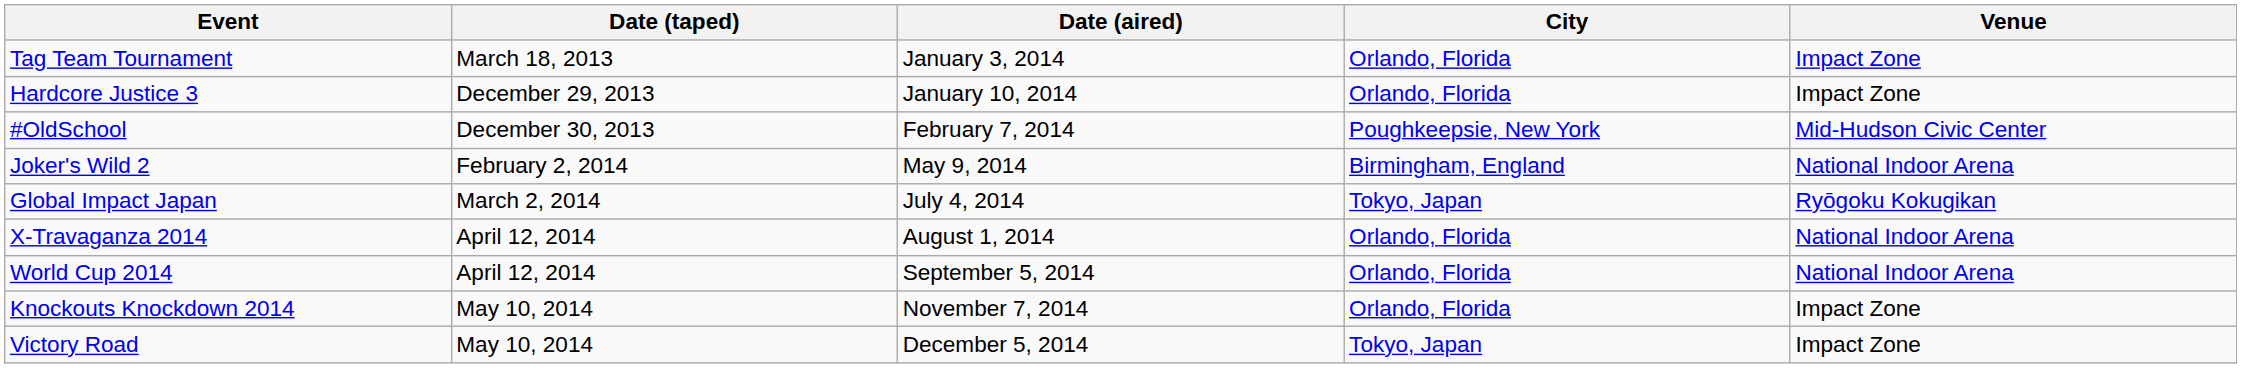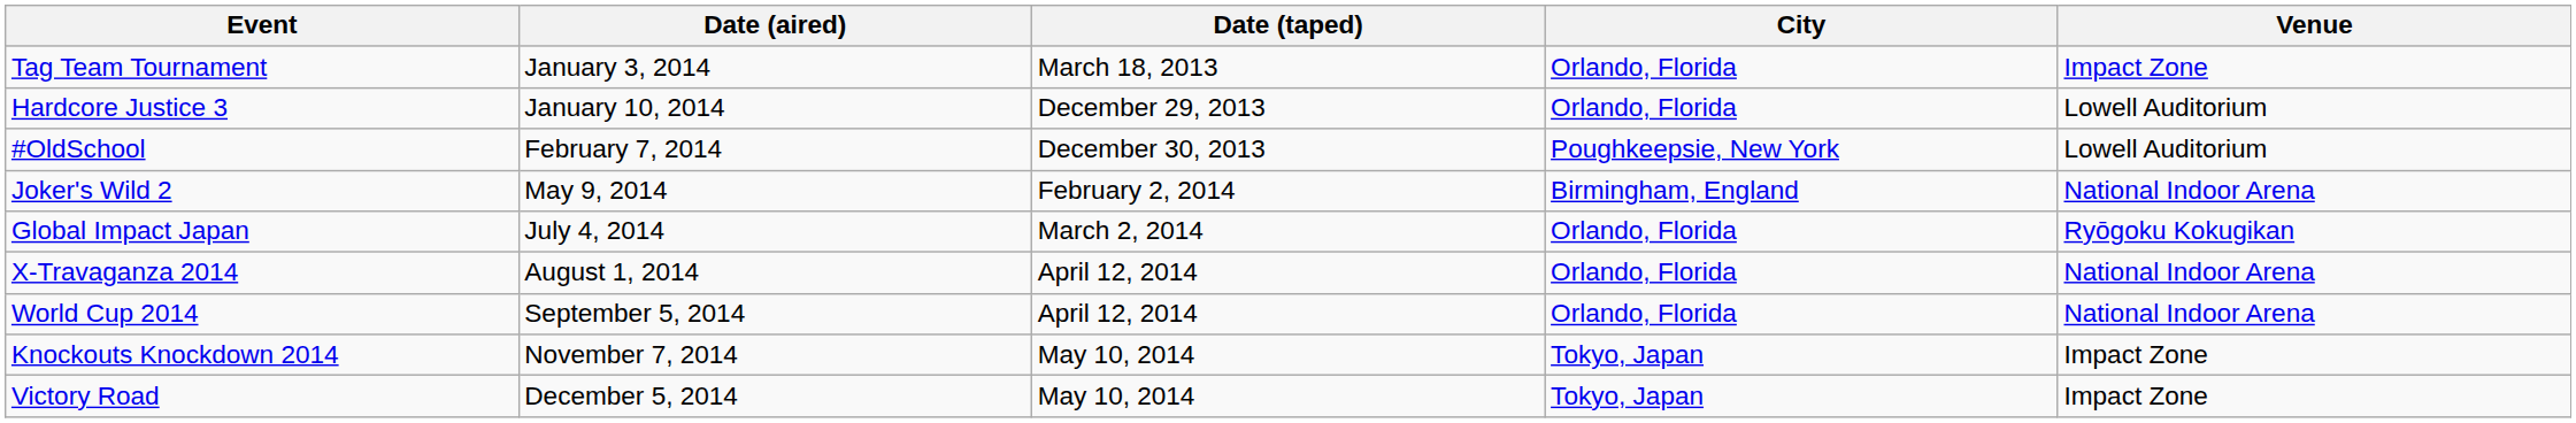 <table class="wikitable sortable" width="100%" style="align: center">
 <tr>
 <th width=20%>Event</th>
+<th width=20%>Date (aired)</th>
 <th width=20%>Date (taped)</th>
-<th width=20%>Date (aired)</th>
 <th width=20%>City</th>
 <th width=20%>Venue</th>
 </tr>
 <tr>
 <td><a href='#'>Tag Team Tournament</a></td>
+<td>January 3, 2014</td>
 <td>March 18, 2013</td>
-<td>January 3, 2014</td>
 <td><a href='#'>Orlando, Florida</a></td>
 <td><a href='#'>Impact Zone</a></td>
 </tr>
 <tr>
 <td><a href='#'>Hardcore Justice 3</a></td>
+<td>January 10, 2014</td>
 <td>December 29, 2013</td>
-<td>January 10, 2014</td>
 <td><a href='#'>Orlando, Florida</a></td>
-<td>Impact Zone</td>
+<td>Lowell Auditorium</td>
 </tr>
 <tr>
 <td><a href='#'>#OldSchool</a></td>
+<td>February 7, 2014</td>
 <td>December 30, 2013</td>
-<td>February 7, 2014</td>
 <td><a href='#'>Poughkeepsie, New York</a></td>
-<td><a href='#'>Mid-Hudson Civic Center</a></td>
+<td>Lowell Auditorium</td>
 </tr>
 <tr>
 <td><a href='#'>Joker's Wild 2</a></td>
+<td>May 9, 2014</td>
 <td>February 2, 2014</td>
-<td>May 9, 2014</td>
 <td><a href='#'>Birmingham, England</a></td>
 <td><a href='#'>National Indoor Arena</a></td>
 </tr>
 <tr>
 <td><a href='#'>Global Impact Japan</a></td>
+<td>July 4, 2014</td>
 <td>March 2, 2014</td>
-<td>July 4, 2014</td>
-<td><a href='#'>Tokyo, Japan</a></td>
+<td><a href='#'>Orlando, Florida</a></td>
 <td><a href='#'>Ryōgoku Kokugikan</a></td>
 </tr>
 <tr>
 <td><a href='#'>X-Travaganza 2014</a></td>
+<td>August 1, 2014</td>
 <td>April 12, 2014</td>
-<td>August 1, 2014</td>
 <td><a href='#'>Orlando, Florida</a></td>
 <td><a href='#'>National Indoor Arena</a></td>
 </tr>
 <tr>
 <td><a href='#'>World Cup 2014</a></td>
+<td>September 5, 2014</td>
 <td>April 12, 2014</td>
-<td>September 5, 2014</td>
 <td><a href='#'>Orlando, Florida</a></td>
 <td><a href='#'>National Indoor Arena</a></td>
 </tr>
 <tr>
 <td><a href='#'>Knockouts Knockdown 2014</a></td>
+<td>November 7, 2014</td>
 <td>May 10, 2014</td>
-<td>November 7, 2014</td>
-<td><a href='#'>Orlando, Florida</a></td>
+<td><a href='#'>Tokyo, Japan</a></td>
 <td>Impact Zone</td>
 </tr>
 <tr>
 <td><a href='#'>Victory Road</a></td>
+<td>December 5, 2014</td>
 <td>May 10, 2014</td>
-<td>December 5, 2014</td>
 <td><a href='#'>Tokyo, Japan</a></td>
 <td>Impact Zone</td>
 </tr>
 </table>
